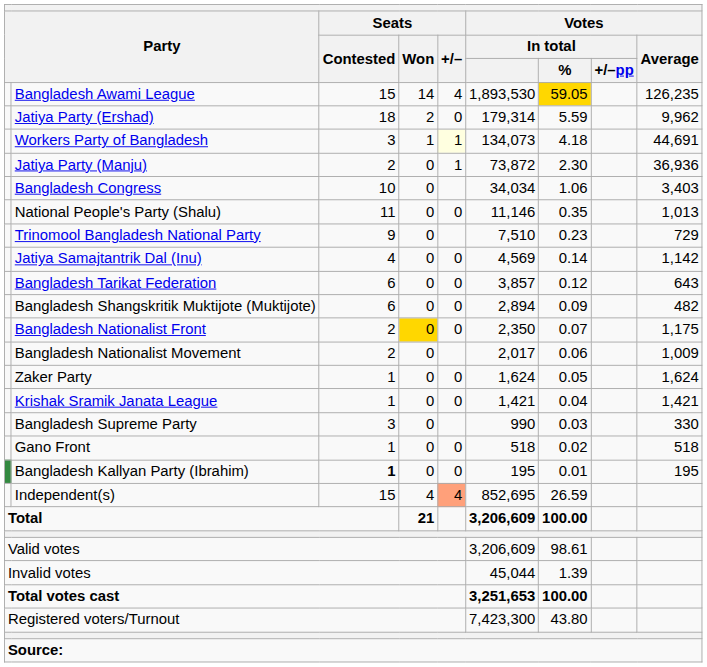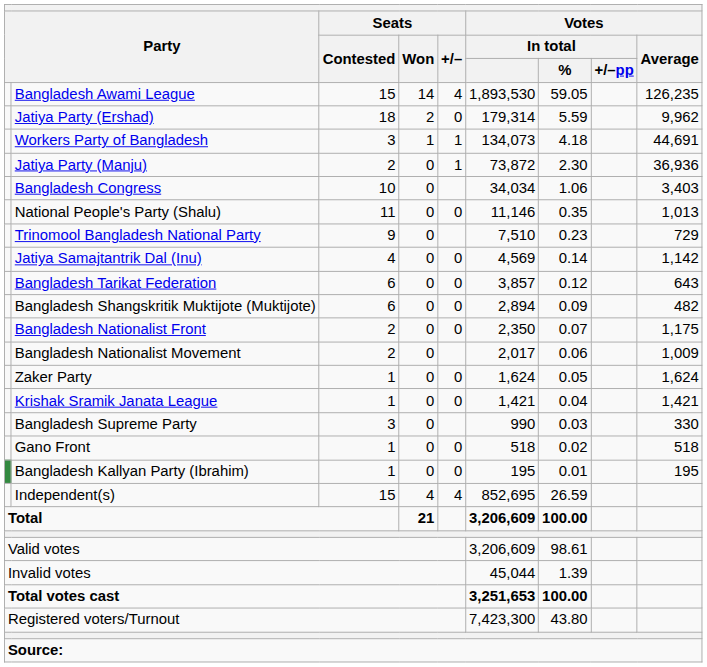 <table class="wikitable sortable">
 <tr>
 <th colspan="9"></th>
 </tr>
 <tr>
 <th colspan="2" rowspan="3">Party</th>
 <th colspan="3">Seats</th>
 <th colspan="4">Votes</th>
 </tr>
 <tr>
 <th rowspan="2">Contested</th>
 <th rowspan="2">Won</th>
 <th rowspan="2">+/–</th>
 <th colspan="3">In total</th>
 <th rowspan="2">Average</th>
 </tr>
 <tr>
 <th></th>
 <th>%</th>
 <th>+/–<a href='#'>pp</a></th>
 </tr>
 <tr>
 <td></td>
 <td><a href='#'>Bangladesh Awami League</a></td>
 <td style="text-align:right">15</td>
 <td style="text-align:right">14</td>
 <td style="text-align:right">4</td>
 <td style="text-align:right">1,893,530</td>
-<td style="background: gold; text-align:right">59.05</td>
+<td style="text-align:right">59.05</td>
 <td style="text-align:right"></td>
 <td style="text-align:right">126,235</td>
 </tr>
 <tr>
 <td></td>
 <td><a href='#'>Jatiya Party (Ershad)</a></td>
 <td style="text-align:right">18</td>
 <td style="text-align:right">2</td>
 <td style="text-align:right">0</td>
 <td style="text-align:right">179,314</td>
 <td style="text-align:right">5.59</td>
 <td style="text-align:right"></td>
 <td style="text-align:right">9,962</td>
 </tr>
 <tr>
 <td></td>
 <td><a href='#'>Workers Party of Bangladesh</a></td>
 <td style="text-align:right">3</td>
 <td style="text-align:right">1</td>
-<td style="background: lightyellow; text-align:right">1</td>
+<td style="text-align:right">1</td>
 <td style="text-align:right">134,073</td>
 <td style="text-align:right">4.18</td>
 <td style="text-align:right"></td>
 <td style="text-align:right">44,691</td>
 </tr>
 <tr>
 <td></td>
 <td><a href='#'>Jatiya Party (Manju)</a></td>
 <td style="text-align:right">2</td>
 <td style="text-align:right">0</td>
 <td style="text-align:right">1</td>
 <td style="text-align:right">73,872</td>
 <td style="text-align:right">2.30</td>
 <td style="text-align:right"></td>
 <td style="text-align:right">36,936</td>
 </tr>
 <tr>
 <td></td>
 <td><a href='#'>Bangladesh Congress</a></td>
 <td style="text-align:right">10</td>
 <td style="text-align:right">0</td>
 <td style="text-align:right"></td>
 <td style="text-align:right">34,034</td>
 <td style="text-align:right">1.06</td>
 <td style="text-align:right"></td>
 <td style="text-align:right">3,403</td>
 </tr>
 <tr>
 <td></td>
 <td>National People's Party (Shalu)</td>
 <td style="text-align:right">11</td>
 <td style="text-align:right">0</td>
 <td style="text-align:right">0</td>
 <td style="text-align:right">11,146</td>
 <td style="text-align:right">0.35</td>
 <td style="text-align:right"></td>
 <td style="text-align:right">1,013</td>
 </tr>
 <tr>
 <td></td>
 <td><a href='#'>Trinomool Bangladesh National Party</a></td>
 <td style="text-align:right">9</td>
 <td style="text-align:right">0</td>
 <td style="text-align:right"></td>
 <td style="text-align:right">7,510</td>
 <td style="text-align:right">0.23</td>
 <td style="text-align:right"></td>
 <td style="text-align:right">729</td>
 </tr>
 <tr>
 <td></td>
 <td><a href='#'>Jatiya Samajtantrik Dal (Inu)</a></td>
 <td style="text-align:right">4</td>
 <td style="text-align:right">0</td>
 <td style="text-align:right">0</td>
 <td style="text-align:right">4,569</td>
 <td style="text-align:right">0.14</td>
 <td style="text-align:right"></td>
 <td style="text-align:right">1,142</td>
 </tr>
 <tr>
 <td></td>
 <td><a href='#'>Bangladesh Tarikat Federation</a></td>
 <td style="text-align:right">6</td>
 <td style="text-align:right">0</td>
 <td style="text-align:right">0</td>
 <td style="text-align:right">3,857</td>
 <td style="text-align:right">0.12</td>
 <td style="text-align:right"></td>
 <td style="text-align:right">643</td>
 </tr>
 <tr>
 <td></td>
 <td>Bangladesh Shangskritik Muktijote (Muktijote)</td>
 <td style="text-align:right">6</td>
 <td style="text-align:right">0</td>
 <td style="text-align:right">0</td>
 <td style="text-align:right">2,894</td>
 <td style="text-align:right">0.09</td>
 <td style="text-align:right"></td>
 <td style="text-align:right">482</td>
 </tr>
 <tr>
 <td></td>
 <td><a href='#'>Bangladesh Nationalist Front</a></td>
 <td style="text-align:right">2</td>
-<td style="background: gold; text-align:right">0</td>
+<td style="text-align:right">0</td>
 <td style="text-align:right">0</td>
 <td style="text-align:right">2,350</td>
 <td style="text-align:right">0.07</td>
 <td style="text-align:right"></td>
 <td style="text-align:right">1,175</td>
 </tr>
 <tr>
 <td></td>
 <td>Bangladesh Nationalist Movement</td>
 <td style="text-align:right">2</td>
 <td style="text-align:right">0</td>
 <td style="text-align:right"></td>
 <td style="text-align:right">2,017</td>
 <td style="text-align:right">0.06</td>
 <td style="text-align:right"></td>
 <td style="text-align:right">1,009</td>
 </tr>
 <tr>
 <td></td>
 <td>Zaker Party</td>
 <td style="text-align:right">1</td>
 <td style="text-align:right">0</td>
 <td style="text-align:right">0</td>
 <td style="text-align:right">1,624</td>
 <td style="text-align:right">0.05</td>
 <td style="text-align:right"></td>
 <td style="text-align:right">1,624</td>
 </tr>
 <tr>
 <td></td>
 <td><a href='#'>Krishak Sramik Janata League</a></td>
 <td style="text-align:right">1</td>
 <td style="text-align:right">0</td>
 <td style="text-align:right">0</td>
 <td style="text-align:right">1,421</td>
 <td style="text-align:right">0.04</td>
 <td style="text-align:right"></td>
 <td style="text-align:right">1,421</td>
 </tr>
 <tr>
 <td></td>
 <td>Bangladesh Supreme Party</td>
 <td style="text-align:right">3</td>
 <td style="text-align:right">0</td>
 <td style="text-align:right"></td>
 <td style="text-align:right">990</td>
 <td style="text-align:right">0.03</td>
 <td style="text-align:right"></td>
 <td style="text-align:right">330</td>
 </tr>
 <tr>
 <td></td>
 <td>Gano Front</td>
 <td style="text-align:right">1</td>
 <td style="text-align:right">0</td>
 <td style="text-align:right">0</td>
 <td style="text-align:right">518</td>
 <td style="text-align:right">0.02</td>
 <td style="text-align:right"></td>
 <td style="text-align:right">518</td>
 </tr>
 <tr>
 <td style="background:#338940"></td>
 <td>Bangladesh Kallyan Party (Ibrahim)</td>
-<td style="text-align:right"><strong>1</strong></td>
+<td style="text-align:right">1</td>
 <td style="text-align:right">0</td>
 <td style="text-align:right">0</td>
 <td style="text-align:right">195</td>
 <td style="text-align:right">0.01</td>
 <td style="text-align:right"></td>
 <td style="text-align:right">195</td>
 </tr>
 <tr>
 <td></td>
 <td>Independent(s)</td>
 <td style="text-align:right">15</td>
 <td style="text-align:right">4</td>
-<td style="background: lightsalmon; text-align:right">4</td>
+<td style="text-align:right">4</td>
 <td style="text-align:right">852,695</td>
 <td style="text-align:right">26.59</td>
 <td style="text-align:right"></td>
 <td style="text-align:right"></td>
 </tr>
 <tr>
 <td colspan="3"><strong>Total</strong></td>
 <td style="text-align:right"><strong>21</strong></td>
 <td style="text-align:right"></td>
 <td style="text-align:right"><strong>3,206,609</strong></td>
 <td style="text-align:right"><strong>100.00</strong></td>
 <td style="text-align:right"></td>
 <td style="text-align:right"></td>
 </tr>
 <tr>
 <th colspan="9"></th>
 </tr>
 <tr>
 <td colspan="5">Valid votes</td>
 <td style="text-align:right">3,206,609</td>
 <td style="text-align:right">98.61</td>
 <td></td>
 <td></td>
 </tr>
 <tr>
 <td colspan="5">Invalid votes</td>
 <td style="text-align:right">45,044</td>
 <td style="text-align:right">1.39</td>
 <td></td>
 <td></td>
 </tr>
 <tr>
 <td colspan="5"><strong>Total votes cast</strong></td>
 <td style="text-align:right"><strong>3,251,653</strong></td>
 <td style="text-align:right"><strong>100.00</strong></td>
 <td></td>
 <td></td>
 </tr>
 <tr>
 <td colspan="5">Registered voters/Turnout</td>
 <td style="text-align:right">7,423,300</td>
 <td style="text-align:right">43.80</td>
 <td></td>
 <td></td>
 </tr>
 <tr>
 <th colspan="9"></th>
 </tr>
 <tr>
 <td colspan="9"><strong>Source:</strong> </td>
 </tr>
 </table>
